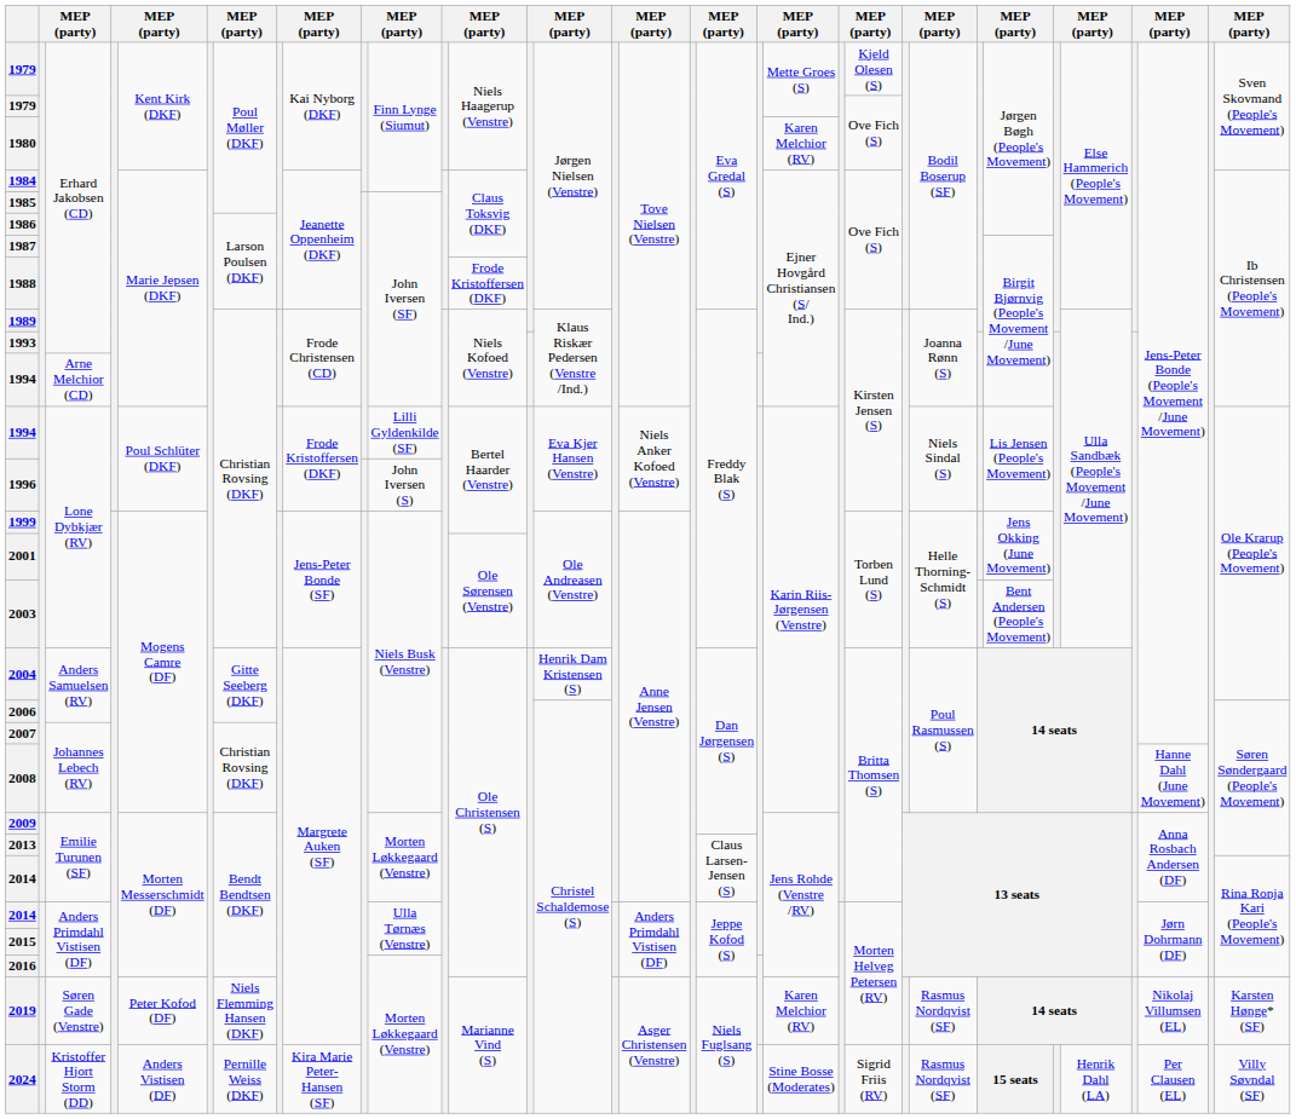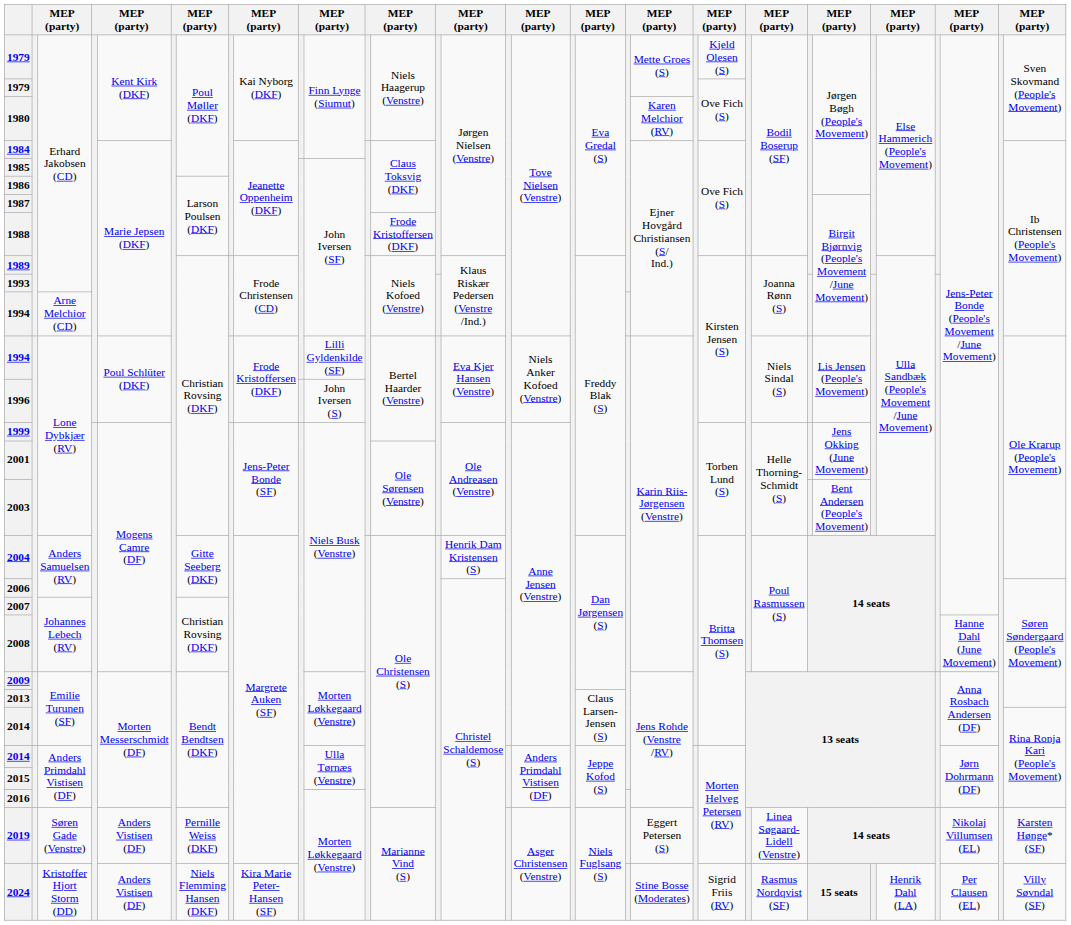 <table class="wikitable" style="text-align:center">
 <tr>
 <th></th>
 <th colspan=2>MEP<br>(party)</th>
 <th colspan=2>MEP<br>(party)</th>
 <th colspan=2>MEP<br>(party)</th>
 <th colspan=2>MEP<br>(party)</th>
 <th colspan=2>MEP<br>(party)</th>
 <th colspan=2>MEP<br>(party)</th>
 <th colspan=2>MEP<br>(party)</th>
 <th colspan=2>MEP<br>(party)</th>
 <th colspan=2>MEP<br>(party)</th>
 <th colspan=2>MEP<br>(party)</th>
 <th colspan=2>MEP<br>(party)</th>
 <th colspan=2>MEP<br>(party)</th>
 <th colspan=2>MEP<br>(party)</th>
 <th colspan=2>MEP<br>(party)</th>
 <th colspan=2>MEP<br>(party)</th>
 <th colspan=2>MEP<br>(party)</th>
 </tr>
 <tr>
 <th><a href='#'>1979</a></th>
 <th rowspan=11 style="background-color: "></th>
 <td rowspan=10>Erhard Jakobsen<br>(<a href='#'>CD</a>)</td>
 <th rowspan=13 style="background-color: "></th>
 <td rowspan=3><a href='#'>Kent Kirk</a><br>(<a href='#'>DKF</a>)</td>
 <th rowspan=28 style="background-color: "></th>
 <td rowspan=5><a href='#'>Poul Møller</a><br>(<a href='#'>DKF</a>)</td>
 <th rowspan=8 style="background-color: "></th>
 <td rowspan=3>Kai Nyborg<br>(<a href='#'>DKF</a>)</td>
 <th rowspan=4 style="background-color: "></th>
 <td rowspan=4><a href='#'>Finn Lynge</a><br>(<a href='#'>Siumut</a>)</td>
 <th rowspan=3 style="background-color: "></th>
 <td rowspan=3>Niels Haagerup<br>(<a href='#'>Venstre</a>)</td>
 <th rowspan=9 style="background-color: "></th>
 <td rowspan=8>Jørgen Nielsen<br>(<a href='#'>Venstre</a>)</td>
 <th rowspan=23 style="background-color: "></th>
 <td rowspan=11><a href='#'>Tove Nielsen</a><br>(<a href='#'>Venstre</a>)</td>
 <th rowspan=28 style="background-color: "></th>
 <td rowspan=8><a href='#'>Eva Gredal</a><br>(<a href='#'>S</a>)</td>
 <th rowspan=10 style="background-color: "></th>
 <td rowspan=2><a href='#'>Mette Groes</a><br>(<a href='#'>S</a>)</td>
 <th rowspan=23 style="background-color: "></th>
 <td rowspan=1><a href='#'>Kjeld Olesen</a><br>(<a href='#'>S</a>)</td>
 <th rowspan=8 style="background-color: "></th>
 <td rowspan=8><a href='#'>Bodil Boserup</a><br>(<a href='#'>SF</a>)</td>
 <th rowspan=9 style="background-color: "></th>
 <td rowspan=6>Jørgen Bøgh<br>(<a href='#'>People's Movement</a>)</td>
 <th rowspan=9 style="background-color: "></th>
 <td rowspan=8><a href='#'>Else Hammerich</a><br>(<a href='#'>People's Movement</a>)</td>
 <th rowspan=9 style="background-color: "></th>
 <td rowspan=19><a href='#'>Jens-Peter Bonde</a><br>(<a href='#'>People's Movement</a><br>/<a href='#'>June Movement</a>)</td>
 <th rowspan=26 style="background-color: "></th>
 <td rowspan=3>Sven Skovmand<br>(<a href='#'>People's Movement</a>)</td>
 </tr>
 <tr>
 <th>1979</th>
 <td rowspan=2>Ove Fich<br>(<a href='#'>S</a>)</td>
 </tr>
 <tr>
 <th>1980</th>
 <td rowspan=1><a href='#'>Karen Melchior</a><br>(<a href='#'>RV</a>)</td>
 </tr>
 <tr>
 <th><a href='#'>1984</a></th>
 <td rowspan=8><a href='#'>Marie Jepsen</a><br>(<a href='#'>DKF</a>)</td>
 <td rowspan=5><a href='#'>Jeanette Oppenheim</a><br>(<a href='#'>DKF</a>)</td>
 <th rowspan=5 style="background-color: "></th>
 <td rowspan=4><a href='#'>Claus Toksvig</a><br>(<a href='#'>DKF</a>)</td>
 <td rowspan=8>Ejner Hovgård Christiansen<br>(<a href='#'>S</a>/<br>Ind.)</td>
 <td rowspan=5>Ove Fich<br>(<a href='#'>S</a>)</td>
 <td rowspan=8>Ib Christensen<br>(<a href='#'>People's Movement</a>)</td>
 </tr>
 <tr>
 <th>1985</th>
 <th rowspan=8 style="background-color: "></th>
 <td rowspan=7>John Iversen<br>(<a href='#'>SF</a>)</td>
 </tr>
 <tr>
 <th>1986</th>
 <td rowspan=3>Larson Poulsen<br>(<a href='#'>DKF</a>)</td>
 </tr>
 <tr>
 <th>1987</th>
 <td rowspan=5><a href='#'>Birgit Bjørnvig</a><br>(<a href='#'>People's Movement</a><br>/<a href='#'>June Movement</a>)</td>
 </tr>
 <tr>
 <th>1988</th>
 <td rowspan=1><a href='#'>Frode Kristoffersen</a><br>(<a href='#'>DKF</a>)</td>
 </tr>
 <tr>
 <th><a href='#'>1989</a></th>
 <td rowspan=8>Christian Rovsing<br>(<a href='#'>DKF</a>)</td>
 <th rowspan=3 style="background-color: "></th>
 <td rowspan=3>Frode Christensen<br>(<a href='#'>CD</a>)</td>
 <th rowspan=8 style="background-color: "></th>
 <td rowspan=3>Niels Kofoed<br>(<a href='#'>Venstre</a>)</td>
 <td rowspan=3>Klaus Riskær Pedersen<br>(<a href='#'>Venstre</a><br>/Ind.)</td>
 <td rowspan=8>Freddy Blak<br>(<a href='#'>S</a>)</td>
 <td rowspan=5>Kirsten Jensen<br>(<a href='#'>S</a>)</td>
 <th rowspan=12 style="background-color: "></th>
 <td rowspan=3>Joanna Rønn<br>(<a href='#'>S</a>)</td>
 <td rowspan=8><a href='#'>Ulla Sandbæk</a><br>(<a href='#'>People's Movement</a><br>/<a href='#'>June Movement</a>)</td>
 </tr>
 <tr>
 <th>1993</th>
 <th rowspan=2 style="background-color: "></th>
 <th rowspan=2 style="background-color: "></th>
 <th rowspan=7 style="background-color: "></th>
 <th rowspan=11 style="background-color: "></th>
 </tr>
 <tr>
 <th>1994</th>
 <td rowspan=1><a href='#'>Arne Melchior</a><br>(<a href='#'>CD</a>)</td>
 <th rowspan=1 style="background-color: "></th>
 </tr>
 <tr>
 <th><a href='#'>1994</a></th>
 <th rowspan=9 style="background-color: "></th>
 <td rowspan=5><a href='#'>Lone Dybkjær</a><br>(<a href='#'>RV</a>)</td>
 <td rowspan=2><a href='#'>Poul Schlüter</a><br>(<a href='#'>DKF</a>)</td>
 <th rowspan=2 style="background-color: "></th>
 <td rowspan=2><a href='#'>Frode Kristoffersen</a><br>(<a href='#'>DKF</a>)</td>
 <td rowspan=1><a href='#'>Lilli Gyldenkilde</a><br>(<a href='#'>SF</a>)</td>
 <td rowspan=3>Bertel Haarder<br>(<a href='#'>Venstre</a>)</td>
 <th rowspan=5 style="background-color: "></th>
 <td rowspan=2><a href='#'>Eva Kjer Hansen</a><br>(<a href='#'>Venstre</a>)</td>
 <td rowspan=2>Niels Anker Kofoed<br>(<a href='#'>Venstre</a>)</td>
 <th rowspan=14 style="background-color: "></th>
 <td rowspan=9><a href='#'>Karin Riis-Jørgensen</a><br>(<a href='#'>Venstre</a>)</td>
 <td rowspan=2>Niels Sindal<br>(<a href='#'>S</a>)</td>
 <th rowspan=2 style="background-color: "></th>
 <td rowspan=2><a href='#'>Lis Jensen</a><br>(<a href='#'>People's Movement</a>)</td>
 <td rowspan=6><a href='#'>Ole Krarup</a><br>(<a href='#'>People's Movement</a>)</td>
 </tr>
 <tr>
 <th>1996</th>
 <th rowspan=1 style="background-color: "></th>
 <td rowspan=1>John Iversen<br>(<a href='#'>S</a>)</td>
 </tr>
 <tr>
 <th><a href='#'>1999</a></th>
 <th rowspan=16 style="background-color: "></th>
 <td rowspan=7><a href='#'>Mogens Camre</a><br>(<a href='#'>DF</a>)</td>
 <th rowspan=15 style="background-color: "></th>
 <td rowspan=3><a href='#'>Jens-Peter Bonde</a><br>(<a href='#'>SF</a>)</td>
 <th rowspan=15 style="background-color: "></th>
 <td rowspan=7><a href='#'>Niels Busk</a><br>(<a href='#'>Venstre</a>)</td>
 <td rowspan=3><a href='#'>Ole Andreasen</a><br>(<a href='#'>Venstre</a>)</td>
 <td rowspan=10><a href='#'>Anne Jensen</a><br>(<a href='#'>Venstre</a>)</td>
 <td rowspan=3>Torben Lund<br>(<a href='#'>S</a>)</td>
 <td rowspan=3>Helle Thorning-Schmidt<br>(<a href='#'>S</a>)</td>
 <th rowspan=2 style="background-color: "></th>
 <td rowspan=2><a href='#'>Jens Okking</a><br>(<a href='#'>June Movement</a>)</td>
 </tr>
 <tr>
 <th>2001</th>
 <td rowspan=2><a href='#'>Ole Sørensen</a><br>(<a href='#'>Venstre</a>)</td>
 </tr>
 <tr>
 <th>2003</th>
 <th rowspan=1 style="background-color: "></th>
 <td rowspan=1><a href='#'>Bent Andersen</a><br>(<a href='#'>People's Movement</a>)</td>
 </tr>
 <tr>
 <th><a href='#'>2004</a></th>
 <td rowspan=2><a href='#'>Anders Samuelsen</a><br>(<a href='#'>RV</a>)</td>
 <td rowspan=2><a href='#'>Gitte Seeberg</a><br>(<a href='#'>DKF</a>)</td>
 <td rowspan=11><a href='#'>Margrete Auken</a><br>(<a href='#'>SF</a>)</td>
 <th rowspan=12 style="background-color: "></th>
 <td rowspan=10><a href='#'>Ole Christensen</a><br>(<a href='#'>S</a>)</td>
 <th rowspan=12 style="background-color: "></th>
 <td rowspan=1><a href='#'>Henrik Dam Kristensen</a><br>(<a href='#'>S</a>)</td>
 <td rowspan=5><a href='#'>Dan Jørgensen</a><br>(<a href='#'>S</a>)</td>
 <td rowspan=7><a href='#'>Britta Thomsen</a><br>(<a href='#'>S</a>)</td>
 <td rowspan=4><a href='#'>Poul Rasmussen</a><br>(<a href='#'>S</a>)</td>
 <th colspan=4; rowspan=4>14 seats</th>
 </tr>
 <tr>
 <th>2006</th>
 <td rowspan=11><a href='#'>Christel Schaldemose</a><br>(<a href='#'>S</a>)</td>
 <td rowspan=5><a href='#'>Søren Søndergaard</a><br>(<a href='#'>People's Movement</a>)</td>
 </tr>
 <tr>
 <th>2007</th>
 <td rowspan=2><a href='#'>Johannes Lebech</a><br>(<a href='#'>RV</a>)</td>
 <td rowspan=2>Christian Rovsing<br>(<a href='#'>DKF</a>)</td>
 </tr>
 <tr>
 <th>2008</th>
 <td rowspan=1><a href='#'>Hanne Dahl</a><br>(<a href='#'>June Movement</a>)</td>
 </tr>
 <tr>
 <th><a href='#'>2009</a></th>
 <th rowspan=3 style="background-color: "></th>
 <td rowspan=3><a href='#'>Emilie Turunen</a><br>(<a href='#'>SF</a>)</td>
 <td rowspan=6><a href='#'>Morten Messerschmidt</a><br>(<a href='#'>DF</a>)</td>
 <td rowspan=6><a href='#'>Bendt Bendtsen</a><br>(<a href='#'>DKF</a>)</td>
 <td rowspan=3><a href='#'>Morten Løkkegaard</a><br>(<a href='#'>Venstre</a>)</td>
 <td rowspan=6><a href='#'>Jens Rohde</a><br>(<a href='#'>Venstre</a><br>/<a href='#'>RV</a>)</td>
 <th colspan=6; rowspan=6>13 seats</th>
 <th rowspan=6 style="background-color: "></th>
 <td rowspan=3><a href='#'>Anna Rosbach Andersen</a><br>(<a href='#'>DF</a>)</td>
 </tr>
 <tr>
 <th>2013</th>
 <td rowspan=2>Claus Larsen-Jensen<br>(<a href='#'>S</a>)</td>
 </tr>
 <tr>
 <th>2014</th>
 <td rowspan=4><a href='#'>Rina Ronja Kari</a><br>(<a href='#'>People's Movement</a>)</td>
 </tr>
 <tr>
 <th><a href='#'>2014</a></th>
 <th rowspan=3 style="background-color: "></th>
 <td rowspan=3><a href='#'>Anders Primdahl Vistisen</a><br>(<a href='#'>DF</a>)</td>
 <td rowspan=2><a href='#'>Ulla Tørnæs</a><br>(<a href='#'>Venstre</a>)</td>
 <th rowspan=3 style="background-color: "></th>
 <td rowspan=3><a href='#'>Anders Primdahl Vistisen</a><br>(<a href='#'>DF</a>)</td>
 <td rowspan=3><a href='#'>Jeppe Kofod</a><br>(<a href='#'>S</a>)</td>
 <th rowspan=5 style="background-color: "></th>
 <td rowspan=4><a href='#'>Morten Helveg Petersen</a><br>(<a href='#'>RV</a>)</td>
 <td rowspan=3><a href='#'>Jørn Dohrmann</a><br>(<a href='#'>DF</a>)</td>
 </tr>
 <tr>
 <th>2015</th>
 </tr>
 <tr>
 <th>2016</th>
 <td rowspan=3><a href='#'>Morten Løkkegaard</a><br>(<a href='#'>Venstre</a>)</td>
 <th rowspan=2 style="background-color: "></th>
 </tr>
 <tr>
 <th><a href='#'>2019</a></th>
 <th rowspan=1 style="background-color: "></th>
 <td rowspan=1><a href='#'>Søren Gade</a><br>(<a href='#'>Venstre</a>)</td>
-<td rowspan=1><a href='#'>Peter Kofod</a><br>(<a href='#'>DF</a>)</td>
-<td rowspan=1><a href='#'>Niels Flemming Hansen</a><br>(<a href='#'>DKF</a>)</td>
+<td rowspan=1><a href='#'>Anders Vistisen</a><br>(<a href='#'>DF</a>)</td>
+<td rowspan=1><a href='#'>Pernille Weiss</a><br>(<a href='#'>DKF</a>)</td>
 <td rowspan=2><a href='#'>Marianne Vind</a><br>(<a href='#'>S</a>)</td>
 <th rowspan=2 style="background-color: "></th>
 <td rowspan=2><a href='#'>Asger Christensen</a><br>(<a href='#'>Venstre</a>)</td>
 <td rowspan=2><a href='#'>Niels Fuglsang</a><br>(<a href='#'>S</a>)</td>
-<td rowspan=1><a href='#'>Karen Melchior</a><br>(<a href='#'>RV</a>)</td>
+<td rowspan=1>Eggert Petersen<br>(<a href='#'>S</a>)</td>
 <th rowspan=1 style="background-color: "></th>
-<td rowspan=1><a href='#'>Rasmus Nordqvist</a><br>(<a href='#'>SF</a>)</td>
+<td rowspan=1><a href='#'>Linea Søgaard-Lidell</a><br>(<a href='#'>Venstre</a>)</td>
 <th colspan=4>14 seats</th>
 <th rowspan=2 style="background-color: "></th>
 <td rowspan=1><a href='#'>Nikolaj Villumsen</a><br>(<a href='#'>EL</a>)</td>
 <th rowspan=2 style="background-color: "></th>
 <td rowspan=1><a href='#'>Karsten Hønge</a>*<br>(<a href='#'>SF</a>)</td>
 </tr>
 <tr>
 <th><a href='#'>2024</a></th>
 <th rowspan=1 style="background-color: "></th>
 <td rowspan=1><a href='#'>Kristoffer Hjort Storm</a><br>(<a href='#'>DD</a>)</td>
 <td rowspan=1><a href='#'>Anders Vistisen</a><br>(<a href='#'>DF</a>)</td>
-<td rowspan=1><a href='#'>Pernille Weiss</a><br>(<a href='#'>DKF</a>)</td>
+<td rowspan=1><a href='#'>Niels Flemming Hansen</a><br>(<a href='#'>DKF</a>)</td>
 <td rowspan=1><a href='#'>Kira Marie Peter-Hansen</a><br>(<a href='#'>SF</a>)</td>
 <th rowspan=1 style="background-color: "></th>
 <td rowspan=1><a href='#'>Stine Bosse</a><br>(<a href='#'>Moderates</a>)</td>
 <td rowspan=1>Sigrid Friis<br>(<a href='#'>RV</a>)</td>
 <th rowspan=1 style="background-color: "></th>
 <td rowspan=1><a href='#'>Rasmus Nordqvist</a><br>(<a href='#'>SF</a>)</td>
 <th colspan=2>15 seats</th>
 <th rowspan=1 style="background-color: "></th>
 <td rowspan=1><a href='#'>Henrik Dahl</a><br>(<a href='#'>LA</a>)</td>
 <td rowspan=1><a href='#'>Per Clausen</a><br>(<a href='#'>EL</a>)</td>
 <td rowspan=1><a href='#'>Villy Søvndal</a><br>(<a href='#'>SF</a>)</td>
 </tr>
 </table>
